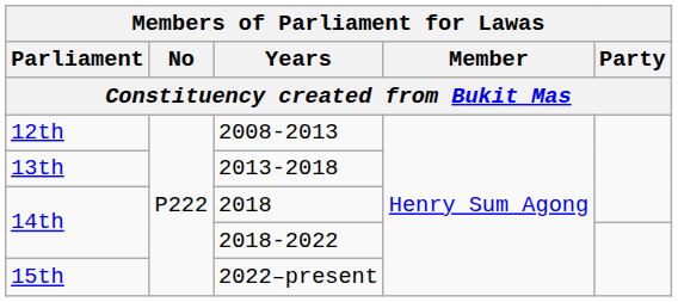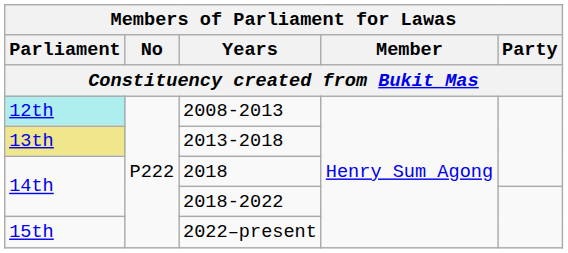 <table class=wikitable>
 <tr>
 <th colspan="5">Members of Parliament for Lawas</th>
 </tr>
 <tr>
 <th>Parliament</th>
 <th>No</th>
 <th>Years</th>
 <th>Member</th>
 <th>Party</th>
 </tr>
 <tr>
 <th colspan="5" align="center"><em>Constituency created from <a href='#'>Bukit Mas</a></em></th>
 </tr>
 <tr>
-<td><a href='#'>12th</a></td>
+<td style="background: paleturquoise;"><a href='#'>12th</a></td>
 <td rowspan="5">P222</td>
 <td>2008-2013</td>
 <td rowspan="5"><a href='#'>Henry Sum Agong</a></td>
 <td rowspan=3></td>
 </tr>
 <tr>
-<td><a href='#'>13th</a></td>
+<td style="background: khaki;"><a href='#'>13th</a></td>
 <td>2013-2018</td>
 </tr>
 <tr>
 <td rowspan=2><a href='#'>14th</a></td>
 <td>2018</td>
 </tr>
 <tr>
 <td>2018-2022</td>
 <td rowspan="2"></td>
 </tr>
 <tr>
 <td><a href='#'>15th</a></td>
 <td>2022–present</td>
 </tr>
 </table>
